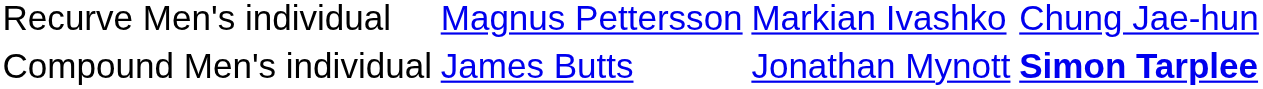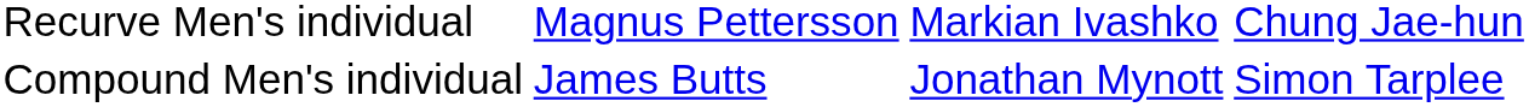 <table>
 <tr>
 <td>Recurve Men's individual<br></td>
 <td> <a href='#'>Magnus Pettersson</a></td>
 <td> <a href='#'>Markian Ivashko</a></td>
 <td> <a href='#'>Chung Jae-hun</a></td>
 </tr>
 <tr>
 <td>Compound Men's individual<br></td>
 <td> <a href='#'>James Butts</a></td>
 <td> <a href='#'>Jonathan Mynott</a></td>
-<td><strong> <a href='#'>Simon Tarplee</a></strong></td>
+<td> <a href='#'>Simon Tarplee</a></td>
 </tr>
 </table>
